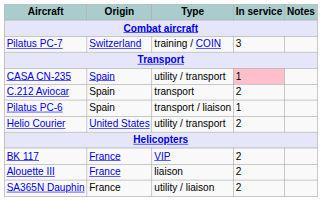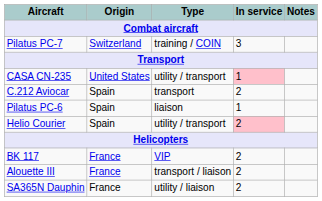 <table class="wikitable">
 <tr>
 <th style="text-align:center; background:#acc;">Aircraft</th>
 <th style="text-align: center; background:#acc;">Origin</th>
 <th style="text-align:l center; background:#acc;">Type</th>
 <th style="text-align:center; background:#acc;">In service</th>
 <th style="text-align: center; background:#acc;">Notes</th>
 </tr>
 <tr>
 <th style="align: center; background: lavender;" colspan="7"><a href='#'>Combat aircraft</a></th>
 </tr>
 <tr>
 <td><a href='#'>Pilatus PC-7</a></td>
 <td><a href='#'>Switzerland</a></td>
 <td>training / <a href='#'>COIN</a></td>
 <td>3</td>
 <td></td>
 </tr>
 <tr>
 <th style="align: center; background: lavender;" colspan="7"><a href='#'>Transport</a></th>
 </tr>
 <tr>
 <td><a href='#'>CASA CN-235</a></td>
-<td><a href='#'>Spain</a></td>
+<td><a href='#'>United States</a></td>
 <td>utility / transport</td>
 <td style="background: pink;">1</td>
 <td></td>
 </tr>
 <tr>
 <td><a href='#'>C.212 Aviocar</a></td>
 <td>Spain</td>
 <td>transport</td>
 <td>2</td>
 <td></td>
 </tr>
 <tr>
 <td><a href='#'>Pilatus PC-6</a></td>
 <td>Spain</td>
-<td>transport / liaison</td>
+<td>liaison</td>
 <td>1</td>
 <td></td>
 </tr>
 <tr>
 <td><a href='#'>Helio Courier</a></td>
-<td><a href='#'>United States</a></td>
+<td>Spain</td>
 <td>utility / transport</td>
-<td>2</td>
+<td style="background: pink;">2</td>
 <td></td>
 </tr>
 <tr>
 <th style="align: center; background: lavender;" colspan="7"><a href='#'>Helicopters</a></th>
 </tr>
 <tr>
 <td><a href='#'>BK 117</a></td>
 <td><a href='#'>France</a></td>
 <td><a href='#'>VIP</a></td>
 <td>2</td>
 <td></td>
 </tr>
 <tr>
 <td><a href='#'>Alouette III</a></td>
 <td><a href='#'>France</a></td>
-<td>liaison</td>
+<td>transport / liaison</td>
 <td>2</td>
 <td></td>
 </tr>
 <tr>
 <td><a href='#'>SA365N Dauphin</a></td>
 <td>France</td>
 <td>utility / liaison</td>
 <td>2</td>
 <td></td>
 </tr>
 </table>
